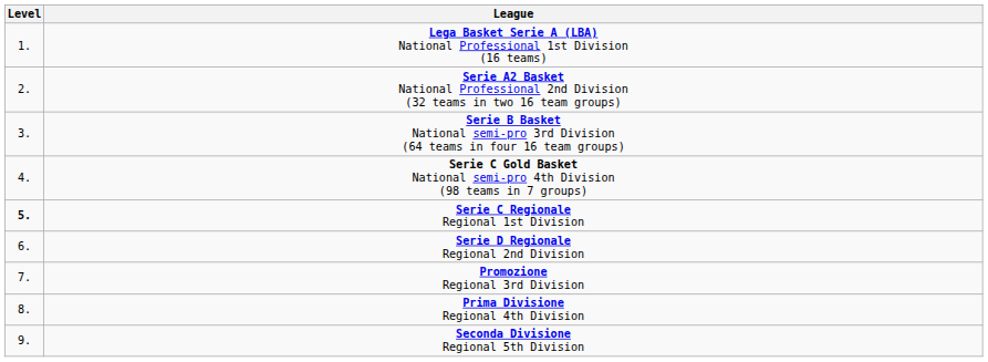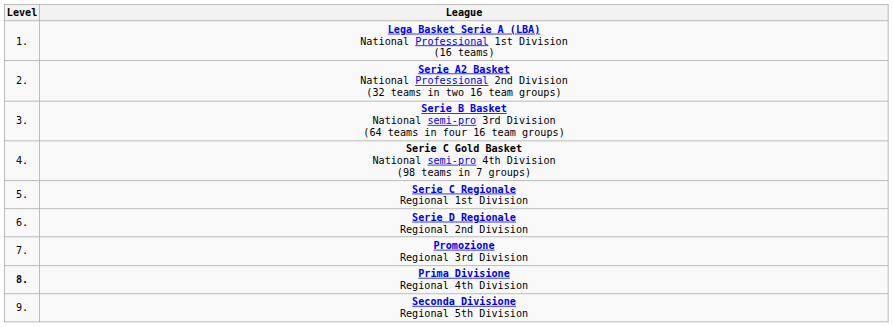 <table class="wikitable" style="text-align: center;">
 <tr south>
 <th colspan="1" width="4%">Level</th>
 <th colspan="5" width="96%">League</th>
 </tr>
 <tr>
 <td colspan="1" width="4%">1.</td>
 <td colspan="5" width="96%"><strong><a href='#'>Lega Basket Serie A (LBA)</a></strong><br>National <a href='#'>Professional</a> 1st Division<br>(16 teams)</td>
 </tr>
 <tr>
 <td colspan="1" width="4%">2.</td>
 <td colspan="5" width="96%"><strong><a href='#'>Serie A2 Basket</a></strong><br>National <a href='#'>Professional</a> 2nd Division<br>(32 teams in two 16 team groups)</td>
 </tr>
 <tr>
 <td colspan="1" width="4%">3.</td>
 <td colspan="1" width="96%"><strong><a href='#'>Serie B Basket</a></strong><br>National <a href='#'>semi-pro</a> 3rd Division<br>(64 teams in four 16 team groups)</td>
 </tr>
 <tr>
 <td colspan="1" width="4%">4.</td>
 <td colspan="5" width="96%"><strong>Serie C Gold Basket</strong><br>National <a href='#'>semi-pro</a> 4th Division<br>(98 teams in 7 groups)</td>
 </tr>
 <tr>
-<td colspan="1" width="4%"><strong>5.</strong></td>
+<td colspan="1" width="4%">5.</td>
 <td colspan="5" width="96%"><strong><a href='#'>Serie C Regionale</a></strong><br>Regional 1st Division<br></td>
 </tr>
 <tr>
 <td colspan="1" width="4%">6.</td>
 <td colspan="5" width="96%"><strong><a href='#'>Serie D Regionale</a></strong><br>Regional 2nd Division<br></td>
 </tr>
 <tr>
 <td colspan="1" width="4%">7.</td>
 <td colspan="5" width="96%"><strong><a href='#'>Promozione</a></strong><br>Regional 3rd Division<br></td>
 </tr>
 <tr>
-<td colspan="1" width="4%">8.</td>
+<td colspan="1" width="4%"><strong>8.</strong></td>
 <td colspan="5" width="96%"><strong><a href='#'>Prima Divisione</a></strong><br>Regional 4th Division<br></td>
 </tr>
 <tr>
 <td colspan="1" width="4%">9.</td>
 <td colspan="5" width="96%"><strong><a href='#'>Seconda Divisione</a></strong><br>Regional 5th Division<br></td>
 </tr>
 </table>
